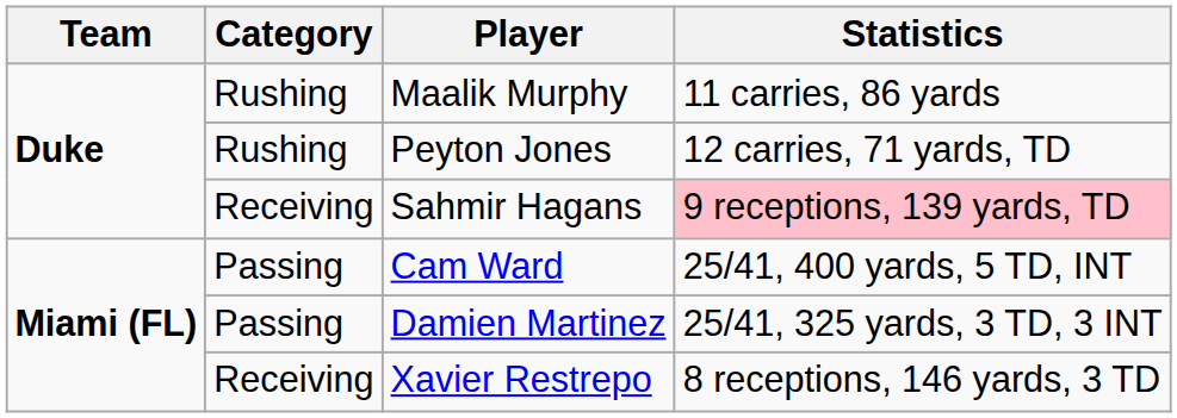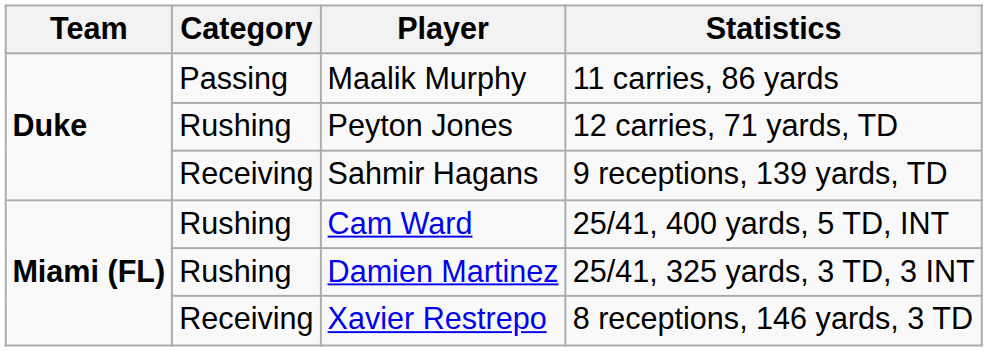 <table class="wikitable" style="float: right;">
 <tr>
 <th>Team</th>
 <th>Category</th>
 <th>Player</th>
 <th>Statistics</th>
 </tr>
 <tr>
 <td rowspan=3><strong>Duke</strong></td>
-<td>Rushing</td>
+<td>Passing</td>
 <td>Maalik Murphy</td>
 <td>11 carries, 86 yards</td>
 </tr>
 <tr>
 <td>Rushing</td>
 <td>Peyton Jones</td>
 <td>12 carries, 71 yards, TD</td>
 </tr>
 <tr>
 <td>Receiving</td>
 <td>Sahmir Hagans</td>
-<td style="background: pink;">9 receptions, 139 yards, TD</td>
+<td>9 receptions, 139 yards, TD</td>
 </tr>
 <tr>
 <td rowspan=3><strong>Miami (FL)</strong></td>
-<td>Passing</td>
+<td>Rushing</td>
 <td><a href='#'>Cam Ward</a></td>
 <td>25/41, 400 yards, 5 TD, INT</td>
 </tr>
 <tr>
-<td>Passing</td>
+<td>Rushing</td>
 <td><a href='#'>Damien Martinez</a></td>
 <td>25/41, 325 yards, 3 TD, 3 INT</td>
 </tr>
 <tr>
 <td>Receiving</td>
 <td><a href='#'>Xavier Restrepo</a></td>
 <td>8 receptions, 146 yards, 3 TD</td>
 </tr>
 </table>
